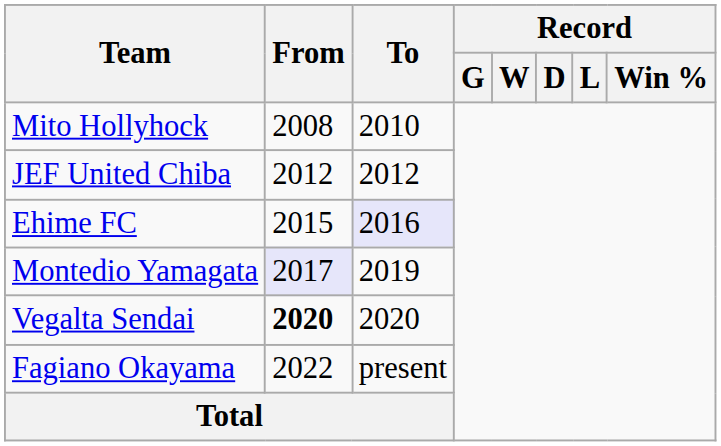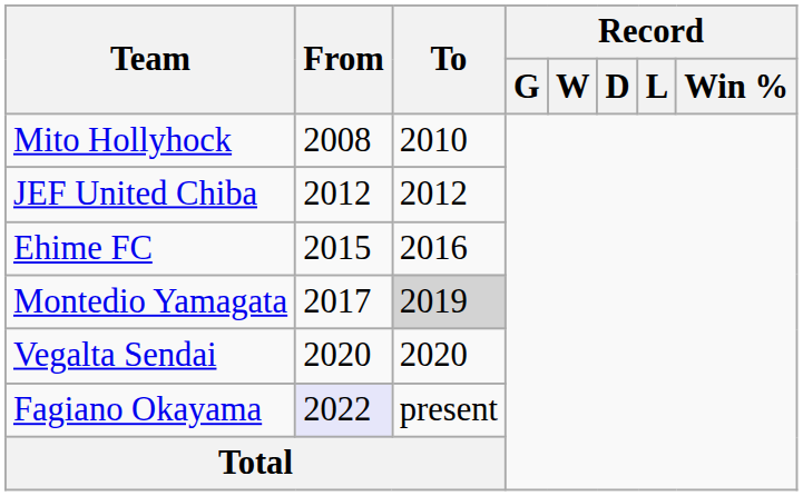 <table class="wikitable" style="text-align: center">
 <tr>
 <th rowspan="2">Team</th>
 <th rowspan="2">From</th>
 <th rowspan="2">To</th>
 <th colspan="5">Record</th>
 </tr>
 <tr>
 <th>G</th>
 <th>W</th>
 <th>D</th>
 <th>L</th>
 <th>Win %</th>
 </tr>
 <tr>
 <td align="left"><a href='#'>Mito Hollyhock</a></td>
 <td align="left">2008</td>
 <td align="left">2010<br></td>
 </tr>
 <tr>
 <td align="left"><a href='#'>JEF United Chiba</a></td>
 <td align="left">2012</td>
 <td align="left">2012<br></td>
 </tr>
 <tr>
 <td align="left"><a href='#'>Ehime FC</a></td>
 <td align="left">2015</td>
-<td align="left" style="background: lavender;">2016<br></td>
+<td align="left">2016<br></td>
 </tr>
 <tr>
 <td align="left"><a href='#'>Montedio Yamagata</a></td>
-<td align="left" style="background: lavender;">2017</td>
-<td align="left">2019<br></td>
+<td align="left">2017</td>
+<td align="left" style="background: lightgrey;">2019<br></td>
 </tr>
 <tr>
 <td align="left"><a href='#'>Vegalta Sendai</a></td>
-<td align="left"><strong>2020</strong></td>
+<td align="left">2020</td>
 <td align="left">2020<br></td>
 </tr>
 <tr>
 <td align="left"><a href='#'>Fagiano Okayama</a></td>
-<td align="left">2022</td>
+<td align="left" style="background: lavender;">2022</td>
 <td align="left">present<br></td>
 </tr>
 <tr>
 <th colspan="3">Total<br></th>
 </tr>
 </table>
